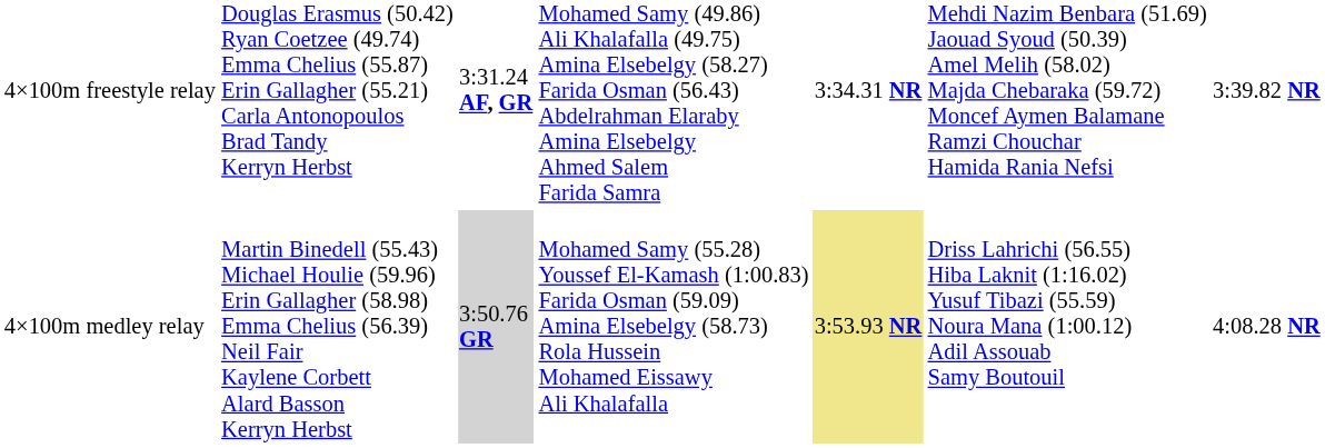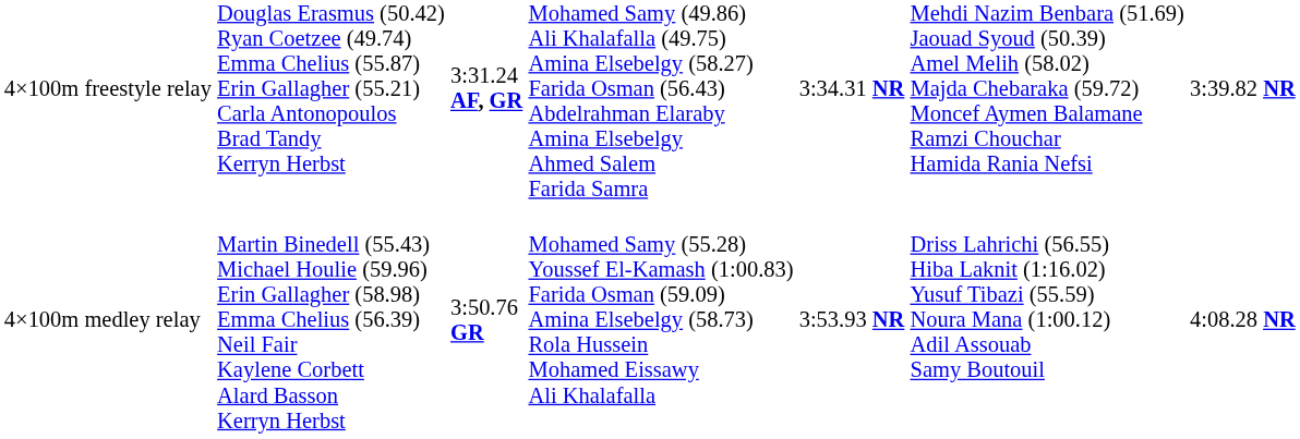 <table>
 <tr>
 <td>4×100m freestyle relay<br></td>
 <td valign=top><br><a href='#'>Douglas Erasmus</a> (50.42)<br><a href='#'>Ryan Coetzee</a> (49.74)<br><a href='#'>Emma Chelius</a> (55.87)<br><a href='#'>Erin Gallagher</a> (55.21)<br><a href='#'>Carla Antonopoulos</a><br><a href='#'>Brad Tandy</a><br><a href='#'>Kerryn Herbst</a></td>
 <td>3:31.24<br><strong><a href='#'>AF</a>, <a href='#'>GR</a></strong></td>
 <td valign=top><br><a href='#'>Mohamed Samy</a> (49.86)<br><a href='#'>Ali Khalafalla</a> (49.75)<br><a href='#'>Amina Elsebelgy</a> (58.27)<br><a href='#'>Farida Osman</a> (56.43)<br><a href='#'>Abdelrahman Elaraby</a><br><a href='#'>Amina Elsebelgy</a><br><a href='#'>Ahmed Salem</a><br><a href='#'>Farida Samra</a></td>
 <td>3:34.31 <strong><a href='#'>NR</a></strong></td>
 <td valign=top><br><a href='#'>Mehdi Nazim Benbara</a> (51.69)<br><a href='#'>Jaouad Syoud</a> (50.39)<br><a href='#'>Amel Melih</a> (58.02)<br><a href='#'>Majda Chebaraka</a> (59.72)<br><a href='#'>Moncef Aymen Balamane</a><br><a href='#'>Ramzi Chouchar</a><br><a href='#'>Hamida Rania Nefsi</a></td>
 <td>3:39.82 <strong><a href='#'>NR</a></strong></td>
 </tr>
 <tr>
 <td>4×100m medley relay<br></td>
 <td valign=top><br><a href='#'>Martin Binedell</a> (55.43)<br><a href='#'>Michael Houlie</a> (59.96)<br><a href='#'>Erin Gallagher</a> (58.98)<br><a href='#'>Emma Chelius</a> (56.39)<br><a href='#'>Neil Fair</a><br><a href='#'>Kaylene Corbett</a><br><a href='#'>Alard Basson</a><br><a href='#'>Kerryn Herbst</a></td>
-<td style="background: lightgrey;">3:50.76<br><strong><a href='#'>GR</a></strong></td>
+<td>3:50.76<br><strong><a href='#'>GR</a></strong></td>
 <td valign=top><br><a href='#'>Mohamed Samy</a> (55.28)<br><a href='#'>Youssef El-Kamash</a> (1:00.83)<br><a href='#'>Farida Osman</a> (59.09)<br><a href='#'>Amina Elsebelgy</a> (58.73)<br><a href='#'>Rola Hussein</a><br><a href='#'>Mohamed Eissawy</a><br><a href='#'>Ali Khalafalla</a></td>
-<td style="background: khaki;">3:53.93 <strong><a href='#'>NR</a></strong></td>
+<td>3:53.93 <strong><a href='#'>NR</a></strong></td>
 <td valign=top><br><a href='#'>Driss Lahrichi</a> (56.55)<br><a href='#'>Hiba Laknit</a> (1:16.02)<br><a href='#'>Yusuf Tibazi</a> (55.59)<br><a href='#'>Noura Mana</a> (1:00.12)<br><a href='#'>Adil Assouab</a><br><a href='#'>Samy Boutouil</a></td>
 <td>4:08.28 <strong><a href='#'>NR</a></strong></td>
 </tr>
 </table>
